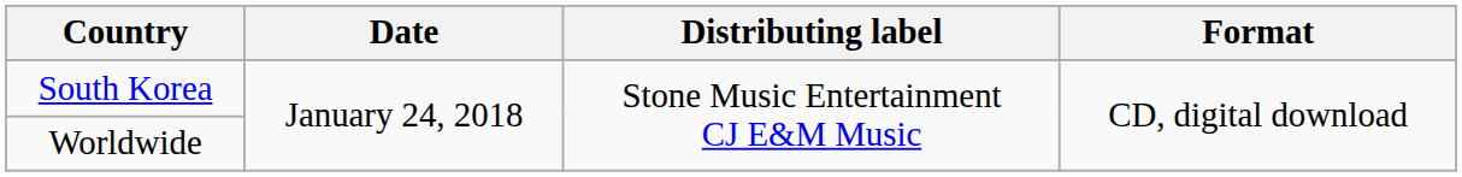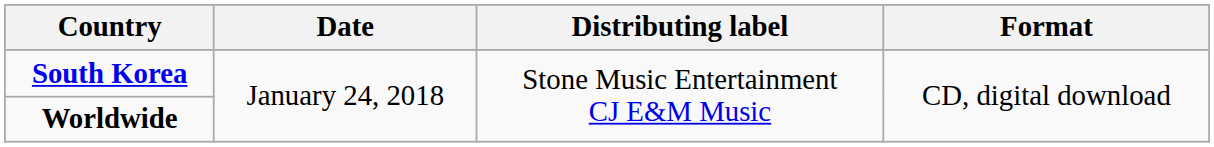 <table class="wikitable" style="width:670px; text-align:center">
 <tr>
 <th>Country</th>
 <th>Date</th>
 <th>Distributing label</th>
 <th>Format</th>
 </tr>
 <tr>
-<td><a href='#'>South Korea</a></td>
+<td><strong><a href='#'>South Korea</a></strong></td>
 <td rowspan="2">January 24, 2018</td>
 <td rowspan="2">Stone Music Entertainment<br> <a href='#'>CJ E&M Music</a></td>
 <td rowspan="2">CD, digital download</td>
 </tr>
 <tr>
-<td>Worldwide</td>
+<td><strong>Worldwide</strong></td>
 </tr>
 </table>
